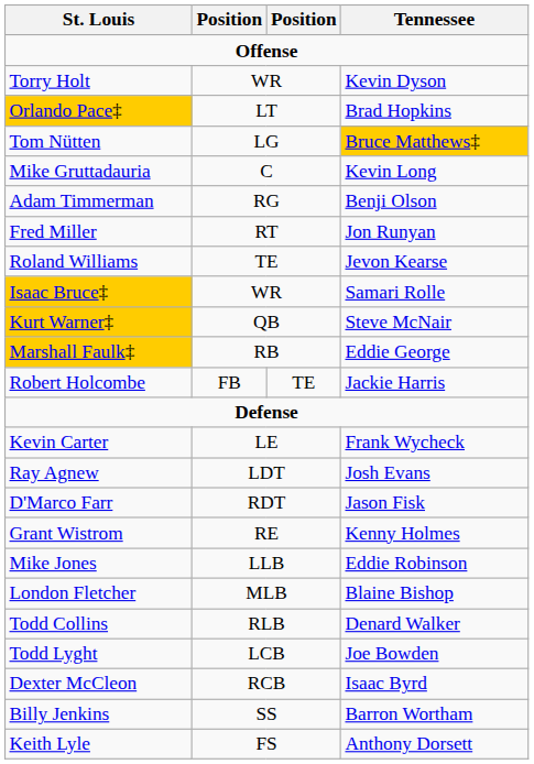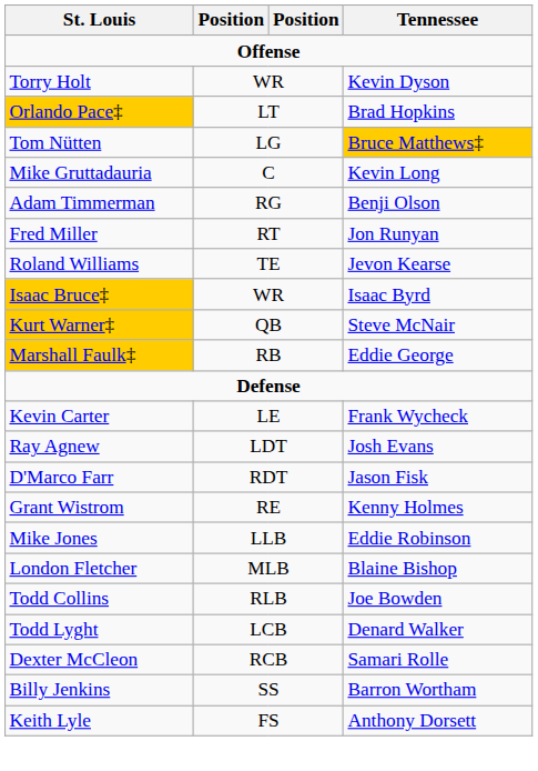 <table class="wikitable">
 <tr>
 <th style="width:150px">St. Louis</th>
 <th>Position</th>
 <th>Position</th>
 <th style="width:150px">Tennessee</th>
 </tr>
 <tr>
 <td colspan="4" style="text-align:center;"><strong>Offense</strong></td>
 </tr>
 <tr>
 <td><a href='#'>Torry Holt</a></td>
 <td colspan="2" style="text-align:center;">WR</td>
 <td><a href='#'>Kevin Dyson</a></td>
 </tr>
 <tr>
 <td bgcolor="#FFCC00"><a href='#'>Orlando Pace</a>‡</td>
 <td colspan="2" style="text-align:center;">LT</td>
 <td><a href='#'>Brad Hopkins</a></td>
 </tr>
 <tr>
 <td><a href='#'>Tom Nütten</a></td>
 <td colspan="2" style="text-align:center;">LG</td>
 <td bgcolor="#FFCC00"><a href='#'>Bruce Matthews</a>‡</td>
 </tr>
 <tr>
 <td><a href='#'>Mike Gruttadauria</a></td>
 <td colspan="2" style="text-align:center;">C</td>
 <td><a href='#'>Kevin Long</a></td>
 </tr>
 <tr>
 <td><a href='#'>Adam Timmerman</a></td>
 <td colspan="2" style="text-align:center;">RG</td>
 <td><a href='#'>Benji Olson</a></td>
 </tr>
 <tr>
 <td><a href='#'>Fred Miller</a></td>
 <td colspan="2" style="text-align:center;">RT</td>
 <td><a href='#'>Jon Runyan</a></td>
 </tr>
 <tr>
 <td><a href='#'>Roland Williams</a></td>
 <td colspan="2" style="text-align:center;">TE</td>
 <td><a href='#'>Jevon Kearse</a></td>
 </tr>
 <tr>
 <td bgcolor="#FFCC00"><a href='#'>Isaac Bruce</a>‡</td>
 <td colspan="2" style="text-align:center;">WR</td>
-<td><a href='#'>Samari Rolle</a></td>
+<td><a href='#'>Isaac Byrd</a></td>
 </tr>
 <tr>
 <td bgcolor="#FFCC00"><a href='#'>Kurt Warner</a>‡</td>
 <td colspan="2" style="text-align:center;">QB</td>
 <td><a href='#'>Steve McNair</a></td>
 </tr>
 <tr>
 <td bgcolor="#FFCC00"><a href='#'>Marshall Faulk</a>‡</td>
 <td colspan="2" style="text-align:center;">RB</td>
 <td><a href='#'>Eddie George</a></td>
-</tr>
-<tr>
-<td><a href='#'>Robert Holcombe</a></td>
-<td style="text-align:center;">FB</td>
-<td style="text-align:center;">TE</td>
-<td><a href='#'>Jackie Harris</a></td>
 </tr>
 <tr>
 <td colspan="4" style="text-align:center;"><strong>Defense</strong></td>
 </tr>
 <tr>
 <td><a href='#'>Kevin Carter</a></td>
 <td colspan="2" style="text-align:center;">LE</td>
 <td><a href='#'>Frank Wycheck</a></td>
 </tr>
 <tr>
 <td><a href='#'>Ray Agnew</a></td>
 <td colspan="2" style="text-align:center;">LDT</td>
 <td><a href='#'>Josh Evans</a></td>
 </tr>
 <tr>
 <td><a href='#'>D'Marco Farr</a></td>
 <td colspan="2" style="text-align:center;">RDT</td>
 <td><a href='#'>Jason Fisk</a></td>
 </tr>
 <tr>
 <td><a href='#'>Grant Wistrom</a></td>
 <td colspan="2" style="text-align:center;">RE</td>
 <td><a href='#'>Kenny Holmes</a></td>
 </tr>
 <tr>
 <td><a href='#'>Mike Jones</a></td>
 <td colspan="2" style="text-align:center;">LLB</td>
 <td><a href='#'>Eddie Robinson</a></td>
 </tr>
 <tr>
 <td><a href='#'>London Fletcher</a></td>
 <td colspan="2" style="text-align:center;">MLB</td>
 <td><a href='#'>Blaine Bishop</a></td>
 </tr>
 <tr>
 <td><a href='#'>Todd Collins</a></td>
 <td colspan="2" style="text-align:center;">RLB</td>
-<td><a href='#'>Denard Walker</a></td>
+<td><a href='#'>Joe Bowden</a></td>
 </tr>
 <tr>
 <td><a href='#'>Todd Lyght</a></td>
 <td colspan="2" style="text-align:center;">LCB</td>
-<td><a href='#'>Joe Bowden</a></td>
+<td><a href='#'>Denard Walker</a></td>
 </tr>
 <tr>
 <td><a href='#'>Dexter McCleon</a></td>
 <td colspan="2" style="text-align:center;">RCB</td>
-<td><a href='#'>Isaac Byrd</a></td>
+<td><a href='#'>Samari Rolle</a></td>
 </tr>
 <tr>
 <td><a href='#'>Billy Jenkins</a></td>
 <td colspan="2" style="text-align:center;">SS</td>
 <td><a href='#'>Barron Wortham</a></td>
 </tr>
 <tr>
 <td><a href='#'>Keith Lyle</a></td>
 <td colspan="2" style="text-align:center;">FS</td>
 <td><a href='#'>Anthony Dorsett</a></td>
 </tr>
 </table>
